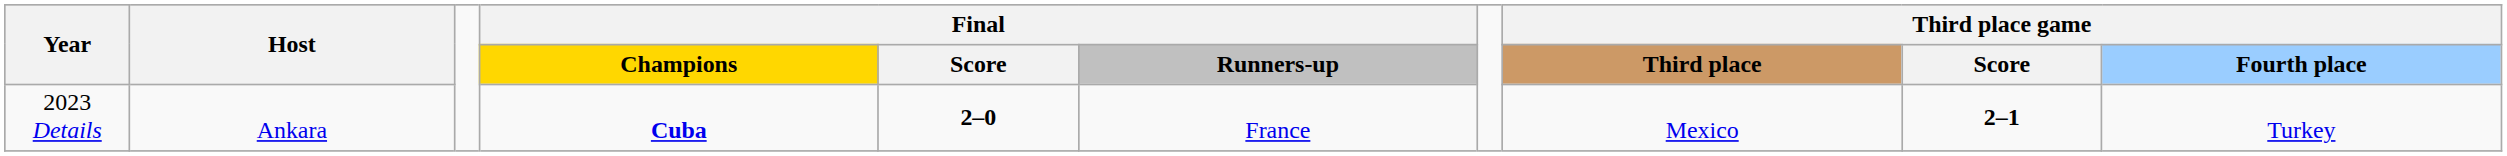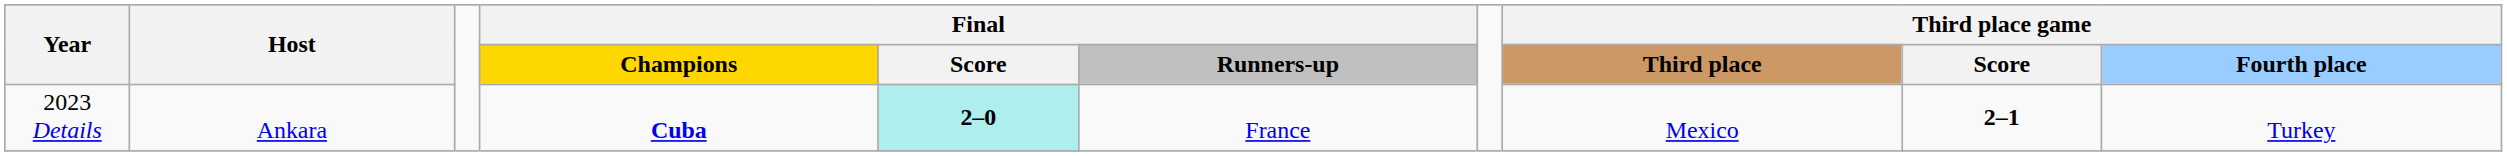 <table class="wikitable" style="font-size:90%; text-align: center;" width="95%">
 <tr>
 <th rowspan="2" style="width:5%;">Year</th>
 <th rowspan="2" style="width:13%;">Host</th>
 <td rowspan="4" style="width:1%; border-top:none; border-bottom:none;"></td>
 <th colspan="3">Final</th>
 <td rowspan="4" style="width:1%; border-top:none; border-bottom:none;"></td>
 <th colspan="3">Third place game</th>
 </tr>
 <tr>
 <th style="width:16%; background:Gold;">Champions</th>
 <th width=8%>Score</th>
 <th style="width:16%; background:Silver;">Runners-up</th>
 <th style="width:16%; background:#c96;">Third place</th>
 <th width=8%>Score</th>
 <th style="width:16%; background:#9acdff;">Fourth place</th>
 </tr>
 <tr>
 <td>2023<br><em><a href='#'>Details</a></em></td>
 <td><br><a href='#'>Ankara</a></td>
 <td><strong><br><a href='#'>Cuba</a></strong></td>
-<td><strong>2–0</strong></td>
+<td style="background: paleturquoise;"><strong>2–0</strong></td>
 <td><br><a href='#'>France</a></td>
 <td><br><a href='#'>Mexico</a></td>
 <td><strong>2–1</strong></td>
 <td><br><a href='#'>Turkey</a></td>
 </tr>
 </table>
